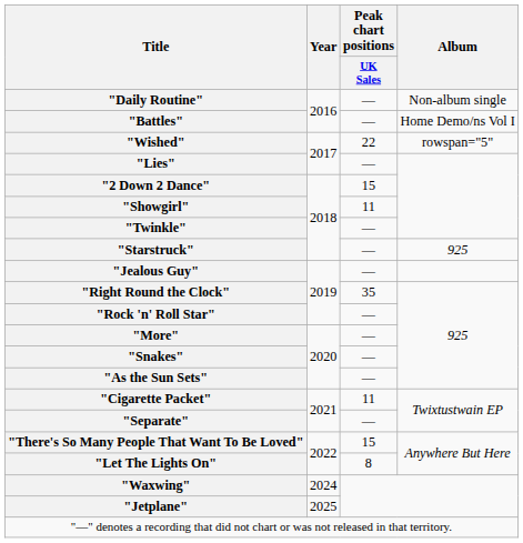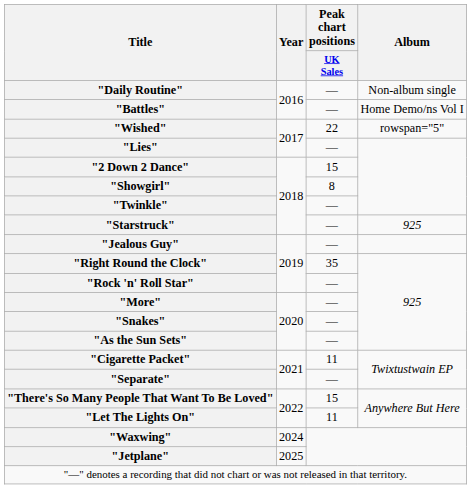 <table class="wikitable plainrowheaders" style="text-align:center;">
 <tr>
 <th scope="col" rowspan="2">Title</th>
 <th scope="col" rowspan="2">Year</th>
 <th scope="col" colspan="1">Peak chart positions</th>
 <th scope="col" rowspan="2">Album</th>
 </tr>
 <tr>
 <th scope="col" style="width:3em;font-size:85%;"><a href='#'>UK<br>Sales</a><br></th>
 </tr>
 <tr>
 <th scope="row">"Daily Routine"</th>
 <td rowspan="2">2016</td>
 <td>—</td>
 <td>Non-album single</td>
 </tr>
 <tr>
 <th scope="row">"Battles"</th>
 <td>—</td>
 <td>Home Demo/ns Vol I</td>
 </tr>
 <tr>
 <th scope="row">"Wished"</th>
 <td rowspan="2">2017</td>
 <td>22</td>
 <td>rowspan="5" </td>
 </tr>
 <tr>
 <th scope="row">"Lies"</th>
 <td>—</td>
 </tr>
 <tr>
 <th scope="row">"2 Down 2 Dance"</th>
 <td rowspan="4">2018</td>
 <td>15</td>
 </tr>
 <tr>
 <th scope="row">"Showgirl"</th>
-<td>11</td>
+<td>8</td>
 </tr>
 <tr>
 <th scope="row">"Twinkle"</th>
 <td>—</td>
 </tr>
 <tr>
 <th scope="row">"Starstruck"</th>
 <td>—</td>
 <td><em>925</em></td>
 </tr>
 <tr>
 <th scope="row">"Jealous Guy"</th>
 <td rowspan="3">2019</td>
 <td>—</td>
 <td></td>
 </tr>
 <tr>
 <th scope="row">"Right Round the Clock"</th>
 <td>35</td>
 <td rowspan="5"><em>925</em></td>
 </tr>
 <tr>
 <th scope="row">"Rock 'n' Roll Star"</th>
 <td>—</td>
 </tr>
 <tr>
 <th scope="row">"More"</th>
 <td rowspan="3">2020</td>
 <td>—</td>
 </tr>
 <tr>
 <th scope="row">"Snakes"</th>
 <td>—</td>
 </tr>
 <tr>
 <th scope="row">"As the Sun Sets"</th>
 <td>—</td>
 </tr>
 <tr>
 <th scope="row">"Cigarette Packet"</th>
 <td rowspan="2">2021</td>
 <td>11</td>
 <td rowspan="2"><em>Twixtustwain EP</em></td>
 </tr>
 <tr>
 <th scope="row">"Separate"</th>
 <td>—</td>
 </tr>
 <tr>
 <th scope="row">"There's So Many People That Want To Be Loved"</th>
 <td rowspan="2">2022</td>
 <td>15</td>
 <td rowspan="2"><em>Anywhere But Here</em></td>
 </tr>
 <tr>
 <th scope="row">"Let The Lights On"</th>
-<td>8</td>
+<td>11</td>
 </tr>
 <tr>
 <th scope="row">"Waxwing"</th>
 <td>2024</td>
 </tr>
 <tr>
 <th scope="row">"Jetplane"</th>
 <td>2025</td>
 </tr>
 <tr>
 <td colspan="10" style="font-size:90%">"—" denotes a recording that did not chart or was not released in that territory.</td>
 </tr>
 </table>
